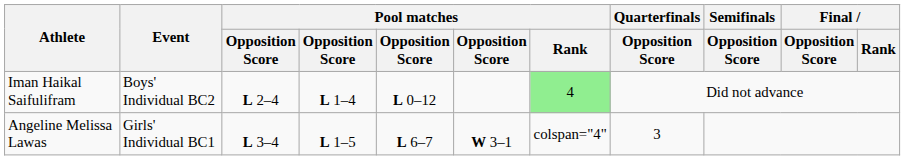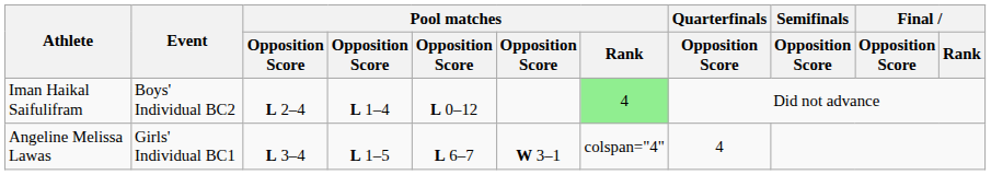 <table class=wikitable style="font-size:90%">
 <tr>
 <th rowspan="2">Athlete</th>
 <th rowspan="2">Event</th>
 <th colspan="5">Pool matches</th>
 <th>Quarterfinals</th>
 <th>Semifinals</th>
 <th colspan=2>Final / </th>
 </tr>
 <tr>
 <th>Opposition<br>Score</th>
 <th>Opposition<br>Score</th>
 <th>Opposition<br>Score</th>
 <th>Opposition<br>Score</th>
 <th>Rank</th>
 <th>Opposition<br>Score</th>
 <th>Opposition<br>Score</th>
 <th>Opposition<br>Score</th>
 <th>Rank</th>
 </tr>
 <tr align=center>
 <td align=left>Iman Haikal Saifulifram</td>
 <td align=left>Boys' Individual BC2</td>
 <td><br><strong>L</strong> 2–4</td>
 <td><br><strong>L</strong> 1–4</td>
 <td><br><strong>L</strong> 0–12</td>
 <td></td>
 <td style="background: lightgreen;">4</td>
 <td align="center" colspan="4">Did not advance</td>
 </tr>
 <tr align=center>
 <td align=left>Angeline Melissa Lawas</td>
 <td align=left>Girls' Individual BC1</td>
 <td><br><strong>L</strong> 3–4</td>
 <td><br><strong>L</strong> 1–5</td>
 <td><br><strong>L</strong> 6–7</td>
 <td><br><strong>W</strong> 3–1</td>
 <td>colspan="4" </td>
-<td>3</td>
+<td>4</td>
 </tr>
 </table>
